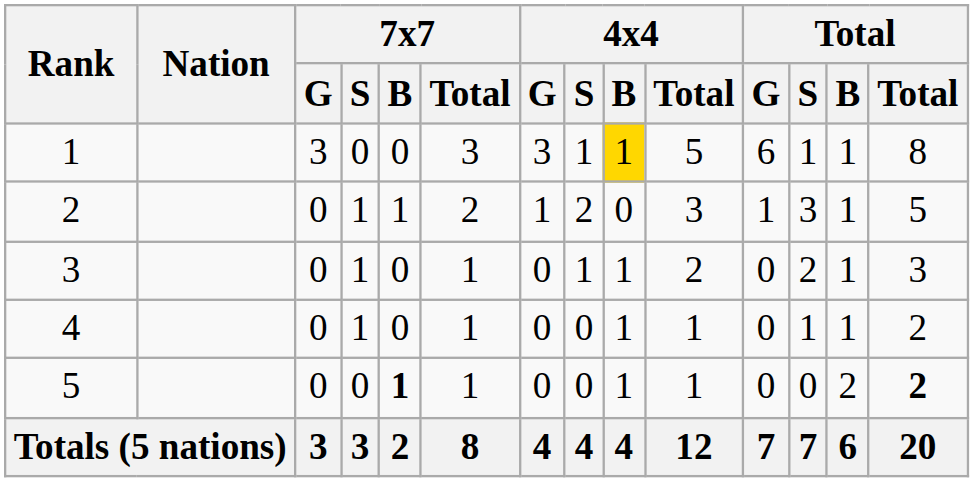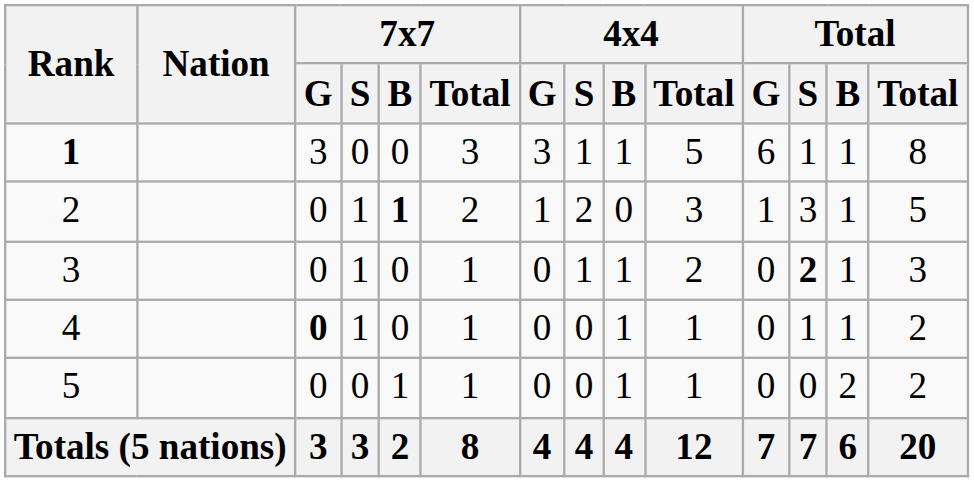 <table class="wikitable sortable" style="text-align:center">
 <tr>
 <th rowspan="2">Rank</th>
 <th rowspan="2">Nation</th>
 <th colspan="4">7x7</th>
 <th colspan="4">4x4</th>
 <th colspan="4">Total</th>
 </tr>
 <tr>
 <th>G</th>
 <th>S</th>
 <th>B</th>
 <th>Total</th>
 <th>G</th>
 <th>S</th>
 <th>B</th>
 <th>Total</th>
 <th>G</th>
 <th>S</th>
 <th>B</th>
 <th>Total</th>
 </tr>
 <tr>
-<td>1</td>
+<td><strong>1</strong></td>
 <td style="text-align:left"></td>
 <td>3</td>
 <td>0</td>
 <td>0</td>
 <td>3</td>
 <td>3</td>
 <td>1</td>
-<td style="background: gold;">1</td>
+<td>1</td>
 <td>5</td>
 <td>6</td>
 <td>1</td>
 <td>1</td>
 <td>8</td>
 </tr>
 <tr>
 <td>2</td>
 <td style="text-align:left"></td>
 <td>0</td>
 <td>1</td>
-<td>1</td>
+<td><strong>1</strong></td>
 <td>2</td>
 <td>1</td>
 <td>2</td>
 <td>0</td>
 <td>3</td>
 <td>1</td>
 <td>3</td>
 <td>1</td>
 <td>5</td>
 </tr>
 <tr>
 <td>3</td>
 <td style="text-align:left"></td>
 <td>0</td>
 <td>1</td>
 <td>0</td>
 <td>1</td>
 <td>0</td>
 <td>1</td>
 <td>1</td>
 <td>2</td>
 <td>0</td>
-<td>2</td>
+<td><strong>2</strong></td>
 <td>1</td>
 <td>3</td>
 </tr>
 <tr>
 <td>4</td>
 <td style="text-align:left"></td>
-<td>0</td>
+<td><strong>0</strong></td>
 <td>1</td>
 <td>0</td>
 <td>1</td>
 <td>0</td>
 <td>0</td>
 <td>1</td>
 <td>1</td>
 <td>0</td>
 <td>1</td>
 <td>1</td>
 <td>2</td>
 </tr>
 <tr>
 <td>5</td>
 <td style="text-align:left"></td>
 <td>0</td>
 <td>0</td>
-<td><strong>1</strong></td>
+<td>1</td>
 <td>1</td>
 <td>0</td>
 <td>0</td>
 <td>1</td>
 <td>1</td>
 <td>0</td>
 <td>0</td>
 <td>2</td>
-<td><strong>2</strong></td>
+<td>2</td>
 </tr>
 <tr>
 <th colspan="2" style="text-align:left">Totals (5 nations)</th>
 <th>3</th>
 <th>3</th>
 <th>2</th>
 <th>8</th>
 <th>4</th>
 <th>4</th>
 <th>4</th>
 <th>12</th>
 <th>7</th>
 <th>7</th>
 <th>6</th>
 <th>20</th>
 </tr>
 </table>
